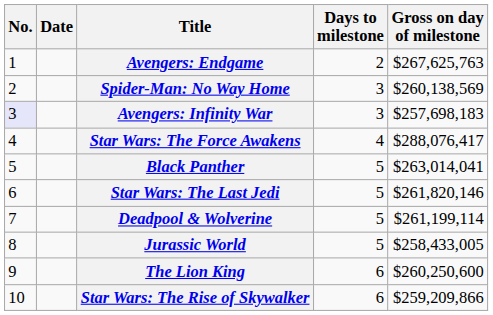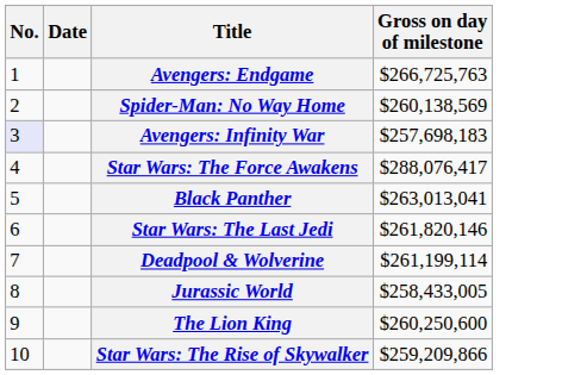 <table class="wikitable">
 <tr>
 <th scope="col">No.</th>
 <th scope="col">Date</th>
 <th scope="col">Title</th>
-<th scope="col">Days to <br>milestone</th>
 <th scope="col">Gross on day <br>of milestone</th>
 </tr>
 <tr>
 <td>1</td>
 <td></td>
 <th scope="row"><em><a href='#'>Avengers: Endgame</a></em></th>
-<td style="text-align:right;">2</td>
-<td style="text-align:right;">$267,625,763</td>
+<td style="text-align:right;">$266,725,763</td>
 </tr>
 <tr>
 <td>2</td>
 <td></td>
 <th scope="row"><em><a href='#'>Spider-Man: No Way Home</a></em></th>
-<td style="text-align:right;">3</td>
 <td style="text-align:right;">$260,138,569</td>
 </tr>
 <tr>
 <td style="background: lavender;">3</td>
 <td></td>
 <th scope="row"><em><a href='#'>Avengers: Infinity War</a></em></th>
-<td style="text-align:right;">3</td>
 <td style="text-align:right;">$257,698,183</td>
 </tr>
 <tr>
 <td>4</td>
 <td></td>
 <th scope="row"><em><a href='#'>Star Wars: The Force Awakens</a></em></th>
-<td style="text-align:right;">4</td>
 <td style="text-align:right;">$288,076,417</td>
 </tr>
 <tr>
 <td>5</td>
 <td></td>
 <th scope="row"><em><a href='#'>Black Panther</a></em></th>
-<td style="text-align:right;">5</td>
-<td style="text-align:right;">$263,014,041</td>
+<td style="text-align:right;">$263,013,041</td>
 </tr>
 <tr>
 <td>6</td>
 <td></td>
 <th scope="row"><em><a href='#'>Star Wars: The Last Jedi</a></em></th>
-<td style="text-align:right;">5</td>
 <td style="text-align:right;">$261,820,146</td>
 </tr>
 <tr>
 <td>7</td>
 <td></td>
 <th scope="row"><em><a href='#'>Deadpool & Wolverine</a></em></th>
-<td style="text-align:right;">5</td>
 <td style="text-align:right;">$261,199,114</td>
 </tr>
 <tr>
 <td>8</td>
 <td></td>
 <th scope="row"><em><a href='#'>Jurassic World</a></em></th>
-<td style="text-align:right;">5</td>
 <td style="text-align:right;">$258,433,005</td>
 </tr>
 <tr>
 <td>9</td>
 <td></td>
 <th scope="row"><em><a href='#'>The Lion King</a></em></th>
-<td style="text-align:right;">6</td>
 <td style="text-align:right;">$260,250,600</td>
 </tr>
 <tr>
 <td>10</td>
 <td></td>
 <th scope="row"><em><a href='#'>Star Wars: The Rise of Skywalker</a></em></th>
-<td style="text-align:right;">6</td>
 <td style="text-align:right;">$259,209,866</td>
 </tr>
 </table>
